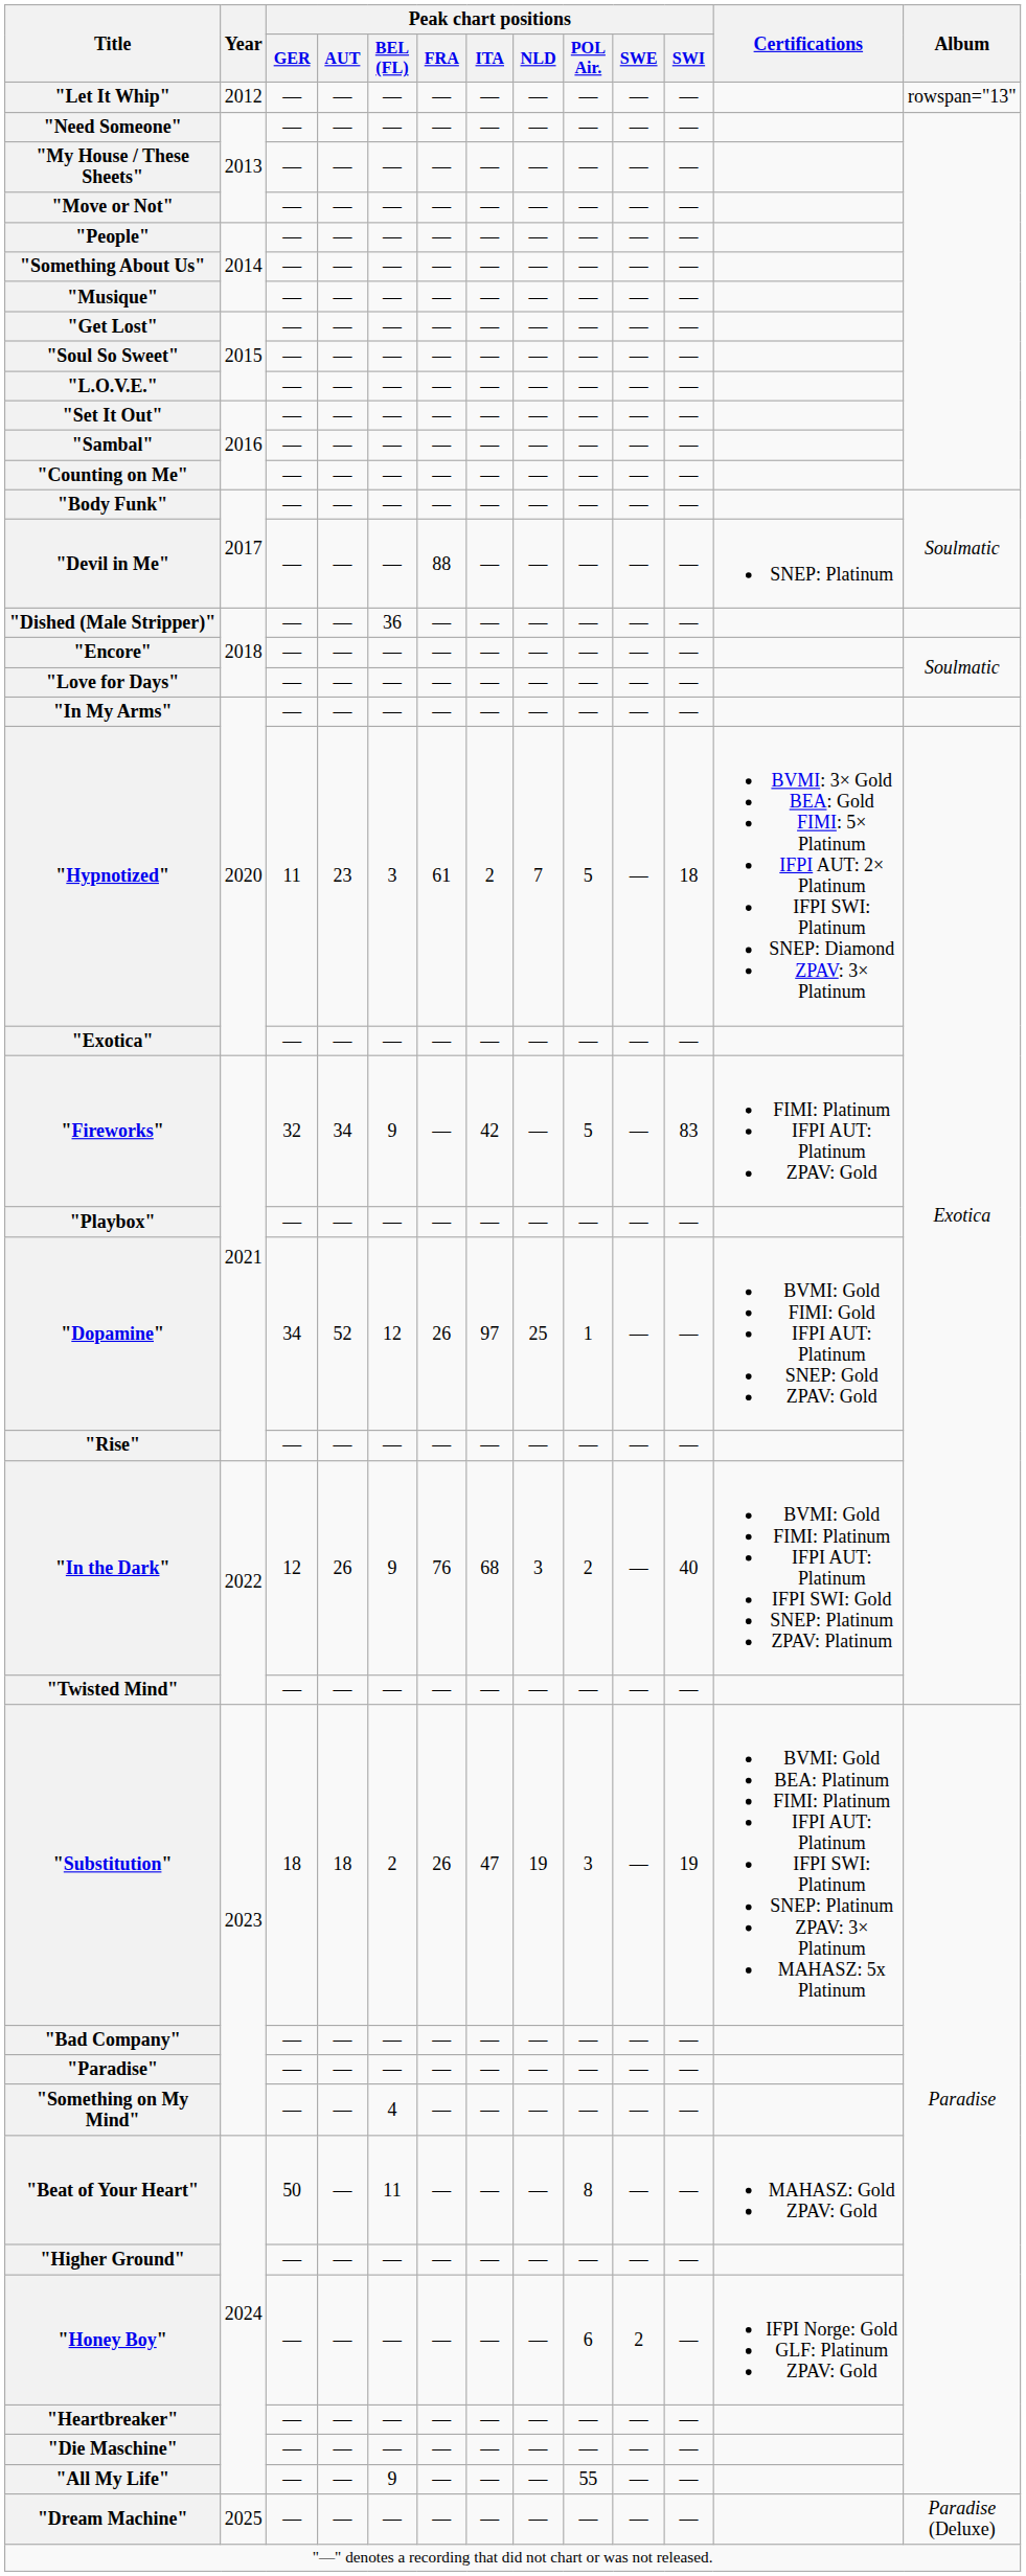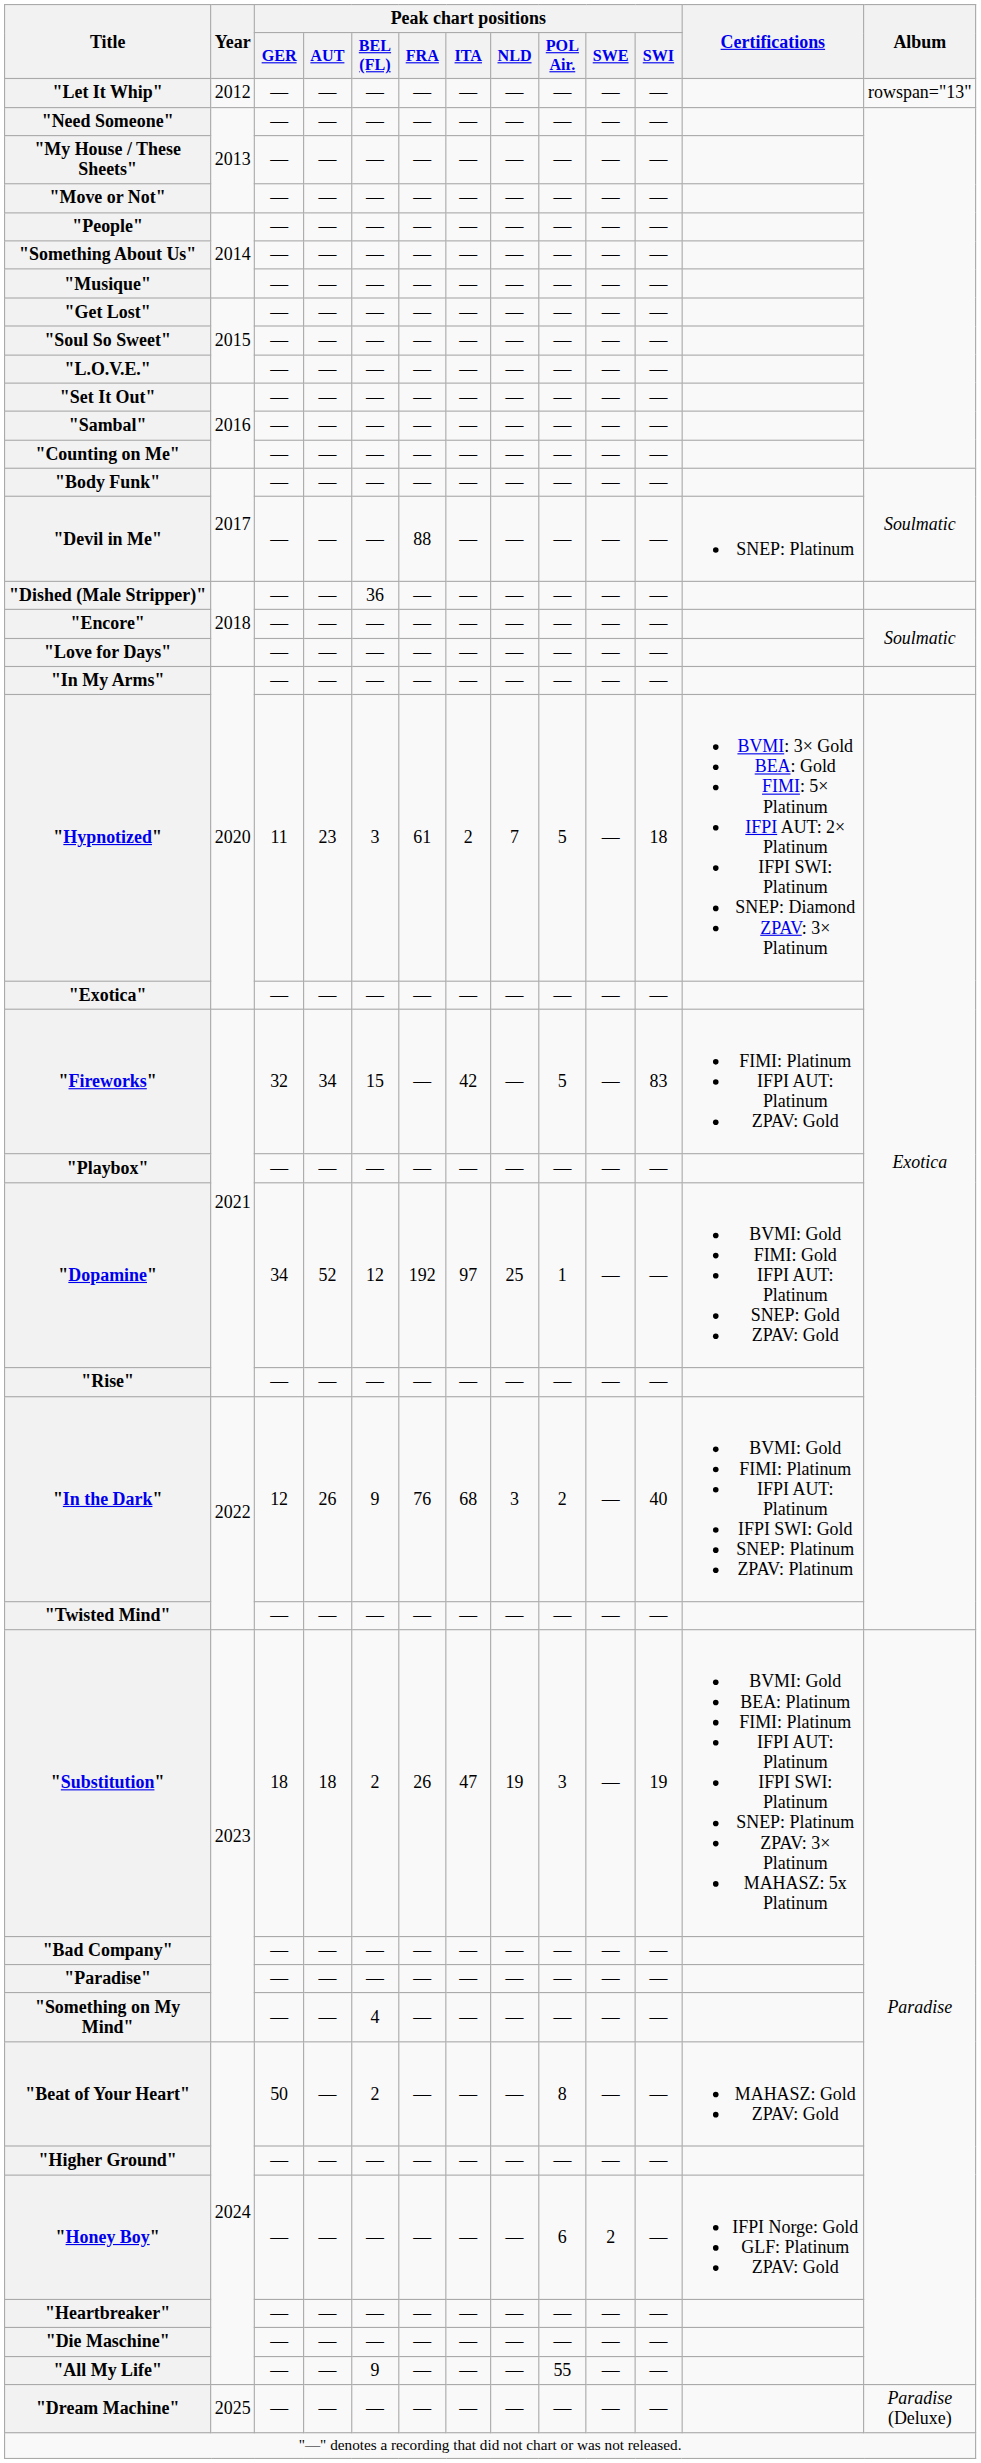 <table class="wikitable plainrowheaders" style="text-align:center;">
 <tr>
 <th scope="col" rowspan="2" style="width:16em;">Title</th>
 <th scope="col" rowspan="2">Year</th>
 <th scope="col" colspan="9">Peak chart positions</th>
 <th scope="col" rowspan="2" style="width:13em;"><a href='#'>Certifications</a></th>
 <th scope="col" rowspan="2">Album</th>
 </tr>
 <tr>
 <th scope="col" style="width:3em;font-size:90%;"><a href='#'>GER</a><br></th>
 <th scope="col" style="width:3em;font-size:90%;"><a href='#'>AUT</a><br></th>
 <th scope="col" style="width:3em;font-size:90%;"><a href='#'>BEL<br>(FL)</a><br></th>
 <th scope="col" style="width:3em;font-size:90%;"><a href='#'>FRA</a><br></th>
 <th scope="col" style="width:3em;font-size:90%;"><a href='#'>ITA</a><br></th>
 <th scope="col" style="width:3em;font-size:90%;"><a href='#'>NLD</a><br></th>
 <th scope="col" style="width:3em;font-size:90%;"><a href='#'>POL<br>Air.</a><br></th>
 <th scope="col" style="width:3em;font-size:90%;"><a href='#'>SWE</a><br></th>
 <th scope="col" style="width:3em;font-size:90%;"><a href='#'>SWI</a><br></th>
 </tr>
 <tr>
 <th scope="row">"Let It Whip"</th>
 <td>2012</td>
 <td>—</td>
 <td>—</td>
 <td>—</td>
 <td>—</td>
 <td>—</td>
 <td>—</td>
 <td>—</td>
 <td>—</td>
 <td>—</td>
 <td></td>
 <td>rowspan="13" </td>
 </tr>
 <tr>
 <th scope="row">"Need Someone"</th>
 <td rowspan="3">2013</td>
 <td>—</td>
 <td>—</td>
 <td>—</td>
 <td>—</td>
 <td>—</td>
 <td>—</td>
 <td>—</td>
 <td>—</td>
 <td>—</td>
 <td></td>
 </tr>
 <tr>
 <th scope="row">"My House / These Sheets"<br></th>
 <td>—</td>
 <td>—</td>
 <td>—</td>
 <td>—</td>
 <td>—</td>
 <td>—</td>
 <td>—</td>
 <td>—</td>
 <td>—</td>
 <td></td>
 </tr>
 <tr>
 <th scope="row">"Move or Not"</th>
 <td>—</td>
 <td>—</td>
 <td>—</td>
 <td>—</td>
 <td>—</td>
 <td>—</td>
 <td>—</td>
 <td>—</td>
 <td>—</td>
 <td></td>
 </tr>
 <tr>
 <th scope="row">"People" </th>
 <td rowspan="3">2014</td>
 <td>—</td>
 <td>—</td>
 <td>—</td>
 <td>—</td>
 <td>—</td>
 <td>—</td>
 <td>—</td>
 <td>—</td>
 <td>—</td>
 <td></td>
 </tr>
 <tr>
 <th scope="row">"Something About Us"</th>
 <td>—</td>
 <td>—</td>
 <td>—</td>
 <td>—</td>
 <td>—</td>
 <td>—</td>
 <td>—</td>
 <td>—</td>
 <td>—</td>
 <td></td>
 </tr>
 <tr>
 <th scope="row">"Musique"</th>
 <td>—</td>
 <td>—</td>
 <td>—</td>
 <td>—</td>
 <td>—</td>
 <td>—</td>
 <td>—</td>
 <td>—</td>
 <td>—</td>
 <td></td>
 </tr>
 <tr>
 <th scope="row">"Get Lost" </th>
 <td rowspan="3">2015</td>
 <td>—</td>
 <td>—</td>
 <td>—</td>
 <td>—</td>
 <td>—</td>
 <td>—</td>
 <td>—</td>
 <td>—</td>
 <td>—</td>
 <td></td>
 </tr>
 <tr>
 <th scope="row">"Soul So Sweet"<br></th>
 <td>—</td>
 <td>—</td>
 <td>—</td>
 <td>—</td>
 <td>—</td>
 <td>—</td>
 <td>—</td>
 <td>—</td>
 <td>—</td>
 <td></td>
 </tr>
 <tr>
 <th scope="row">"L.O.V.E."<br></th>
 <td>—</td>
 <td>—</td>
 <td>—</td>
 <td>—</td>
 <td>—</td>
 <td>—</td>
 <td>—</td>
 <td>—</td>
 <td>—</td>
 <td></td>
 </tr>
 <tr>
 <th scope="row">"Set It Out"<br></th>
 <td rowspan="3">2016</td>
 <td>—</td>
 <td>—</td>
 <td>—</td>
 <td>—</td>
 <td>—</td>
 <td>—</td>
 <td>—</td>
 <td>—</td>
 <td>—</td>
 <td></td>
 </tr>
 <tr>
 <th scope="row">"Sambal"</th>
 <td>—</td>
 <td>—</td>
 <td>—</td>
 <td>—</td>
 <td>—</td>
 <td>—</td>
 <td>—</td>
 <td>—</td>
 <td>—</td>
 <td></td>
 </tr>
 <tr>
 <th scope="row">"Counting on Me"<br></th>
 <td>—</td>
 <td>—</td>
 <td>—</td>
 <td>—</td>
 <td>—</td>
 <td>—</td>
 <td>—</td>
 <td>—</td>
 <td>—</td>
 <td></td>
 </tr>
 <tr>
 <th scope="row">"Body Funk"</th>
 <td rowspan="2">2017</td>
 <td>—</td>
 <td>—</td>
 <td>—</td>
 <td>—</td>
 <td>—</td>
 <td>—</td>
 <td>—</td>
 <td>—</td>
 <td>—</td>
 <td></td>
 <td rowspan="2"><em>Soulmatic</em></td>
 </tr>
 <tr>
 <th scope="row">"Devil in Me"<br></th>
 <td>—</td>
 <td>—</td>
 <td>—</td>
 <td>88</td>
 <td>—</td>
 <td>—</td>
 <td>—</td>
 <td>—</td>
 <td>—</td>
 <td><br><ul><li>SNEP: Platinum</li></ul></td>
 </tr>
 <tr>
 <th scope="row">"Dished (Male Stripper)"</th>
 <td rowspan="3">2018</td>
 <td>—</td>
 <td>—</td>
 <td>36</td>
 <td>—</td>
 <td>—</td>
 <td>—</td>
 <td>—</td>
 <td>—</td>
 <td>—</td>
 <td></td>
 <td></td>
 </tr>
 <tr>
 <th scope="row">"Encore" </th>
 <td>—</td>
 <td>—</td>
 <td>—</td>
 <td>—</td>
 <td>—</td>
 <td>—</td>
 <td>—</td>
 <td>—</td>
 <td>—</td>
 <td></td>
 <td rowspan="2"><em>Soulmatic</em></td>
 </tr>
 <tr>
 <th scope="row">"Love for Days"<br></th>
 <td>—</td>
 <td>—</td>
 <td>—</td>
 <td>—</td>
 <td>—</td>
 <td>—</td>
 <td>—</td>
 <td>—</td>
 <td>—</td>
 <td></td>
 </tr>
 <tr>
 <th scope="row">"In My Arms"</th>
 <td rowspan="3">2020</td>
 <td>—</td>
 <td>—</td>
 <td>—</td>
 <td>—</td>
 <td>—</td>
 <td>—</td>
 <td>—</td>
 <td>—</td>
 <td>—</td>
 <td></td>
 <td></td>
 </tr>
 <tr>
 <th scope="row">"<a href='#'>Hypnotized</a>"<br></th>
 <td>11</td>
 <td>23</td>
 <td>3</td>
 <td>61</td>
 <td>2</td>
 <td>7</td>
 <td>5</td>
 <td>—</td>
 <td>18</td>
 <td><br><ul><li><a href='#'>BVMI</a>: 3× Gold</li><li><a href='#'>BEA</a>: Gold</li><li><a href='#'>FIMI</a>: 5× Platinum</li><li><a href='#'>IFPI</a> AUT: 2× Platinum</li><li>IFPI SWI: Platinum</li><li>SNEP: Diamond</li><li><a href='#'>ZPAV</a>: 3× Platinum</li></ul></td>
 <td rowspan="8"><em>Exotica</em></td>
 </tr>
 <tr>
 <th scope="row">"Exotica"<br></th>
 <td>—</td>
 <td>—</td>
 <td>—</td>
 <td>—</td>
 <td>—</td>
 <td>—</td>
 <td>—</td>
 <td>—</td>
 <td>—</td>
 <td></td>
 </tr>
 <tr>
 <th scope="row">"<a href='#'>Fireworks</a>"<br></th>
 <td rowspan="4">2021</td>
 <td>32</td>
 <td>34</td>
-<td>9</td>
+<td>15</td>
 <td>—</td>
 <td>42</td>
 <td>—</td>
 <td>5</td>
 <td>—</td>
 <td>83</td>
 <td><br><ul><li>FIMI: Platinum</li><li>IFPI AUT: Platinum</li><li>ZPAV: Gold</li></ul></td>
 </tr>
 <tr>
 <th scope="row">"Playbox"</th>
 <td>—</td>
 <td>—</td>
 <td>—</td>
 <td>—</td>
 <td>—</td>
 <td>—</td>
 <td>—</td>
 <td>—</td>
 <td>—</td>
 <td></td>
 </tr>
 <tr>
 <th scope="row">"<a href='#'>Dopamine</a>"<br></th>
 <td>34</td>
 <td>52</td>
 <td>12</td>
-<td>26</td>
+<td>192</td>
 <td>97</td>
 <td>25</td>
 <td>1</td>
 <td>—</td>
 <td>—</td>
 <td><br><ul><li>BVMI: Gold</li><li>FIMI: Gold</li><li>IFPI AUT: Platinum</li><li>SNEP: Gold</li><li>ZPAV: Gold</li></ul></td>
 </tr>
 <tr>
 <th scope="row">"Rise" <br></th>
 <td>—</td>
 <td>—</td>
 <td>—</td>
 <td>—</td>
 <td>—</td>
 <td>—</td>
 <td>—</td>
 <td>—</td>
 <td>—</td>
 <td></td>
 </tr>
 <tr>
 <th scope="row">"<a href='#'>In the Dark</a>"<br></th>
 <td rowspan="2">2022</td>
 <td>12</td>
 <td>26</td>
 <td>9</td>
 <td>76</td>
 <td>68</td>
 <td>3</td>
 <td>2</td>
 <td>—</td>
 <td>40</td>
 <td><br><ul><li>BVMI: Gold</li><li>FIMI: Platinum</li><li>IFPI AUT: Platinum</li><li>IFPI SWI: Gold</li><li>SNEP: Platinum</li><li>ZPAV: Platinum</li></ul></td>
 </tr>
 <tr>
 <th scope="row">"Twisted Mind"<br></th>
 <td>—</td>
 <td>—</td>
 <td>—</td>
 <td>—</td>
 <td>—</td>
 <td>—</td>
 <td>—</td>
 <td>—</td>
 <td>—</td>
 <td></td>
 </tr>
 <tr>
 <th scope="row">"<a href='#'>Substitution</a>"<br></th>
 <td rowspan="4">2023</td>
 <td>18</td>
 <td>18</td>
 <td>2</td>
 <td>26</td>
 <td>47<br></td>
 <td>19</td>
 <td>3</td>
 <td>—</td>
 <td>19</td>
 <td><br><ul><li>BVMI: Gold</li><li>BEA: Platinum</li><li>FIMI: Platinum</li><li>IFPI AUT: Platinum</li><li>IFPI SWI: Platinum</li><li>SNEP: Platinum</li><li>ZPAV: 3× Platinum</li><li>MAHASZ: 5x Platinum</li></ul></td>
 <td rowspan="10"><em>Paradise</em></td>
 </tr>
 <tr>
 <th scope="row">"Bad Company"</th>
 <td>—</td>
 <td>—</td>
 <td>—</td>
 <td>—</td>
 <td>—</td>
 <td>—</td>
 <td>—</td>
 <td>—</td>
 <td>—</td>
 <td></td>
 </tr>
 <tr>
 <th scope="row">"Paradise"<br></th>
 <td>—</td>
 <td>—</td>
 <td>—</td>
 <td>—</td>
 <td>—</td>
 <td>—</td>
 <td>—</td>
 <td>—</td>
 <td>—</td>
 <td></td>
 </tr>
 <tr>
 <th scope="row">"Something on My Mind"<br></th>
 <td>—</td>
 <td>—</td>
 <td>4</td>
 <td>—</td>
 <td>—</td>
 <td>―</td>
 <td>—</td>
 <td>—</td>
 <td>—</td>
 <td></td>
 </tr>
 <tr>
 <th scope="row">"Beat of Your Heart"<br></th>
 <td rowspan="6">2024</td>
 <td>50</td>
 <td>—</td>
-<td>11</td>
+<td>2</td>
 <td>—</td>
 <td>—</td>
 <td>—</td>
 <td>8</td>
 <td>—</td>
 <td>—</td>
 <td><br><ul><li>MAHASZ: Gold</li><li>ZPAV: Gold</li></ul></td>
 </tr>
 <tr>
 <th scope="row">"Higher Ground"<br></th>
 <td>—</td>
 <td>—</td>
 <td>—</td>
 <td>—</td>
 <td>—</td>
 <td>—</td>
 <td>—</td>
 <td>—</td>
 <td>—</td>
 <td></td>
 </tr>
 <tr>
 <th scope="row">"<a href='#'>Honey Boy</a>"<br></th>
 <td>—</td>
 <td>—</td>
 <td>—</td>
 <td>—</td>
 <td>—</td>
 <td>—</td>
 <td>6</td>
 <td>2</td>
 <td>—</td>
 <td><br><ul><li>IFPI Norge: Gold</li><li>GLF: Platinum</li><li>ZPAV: Gold</li></ul></td>
 </tr>
 <tr>
 <th scope="row">"Heartbreaker"<br></th>
 <td>—</td>
 <td>—</td>
 <td>—</td>
 <td>—</td>
 <td>—</td>
 <td>—</td>
 <td>—</td>
 <td>—</td>
 <td>—</td>
 <td></td>
 </tr>
 <tr>
 <th scope="row">"Die Maschine"<br></th>
 <td>—</td>
 <td>—</td>
 <td>—</td>
 <td>—</td>
 <td>—</td>
 <td>—</td>
 <td>—</td>
 <td>—</td>
 <td>—</td>
 <td></td>
 </tr>
 <tr>
 <th scope="row">"All My Life"<br></th>
 <td>—</td>
 <td>—</td>
 <td>9</td>
 <td>—</td>
 <td>—</td>
 <td>—</td>
 <td>55</td>
 <td>—</td>
 <td>—</td>
 <td></td>
 </tr>
 <tr>
 <th scope="row">"Dream Machine"<br></th>
 <td>2025</td>
 <td>—</td>
 <td>—</td>
 <td>—</td>
 <td>—</td>
 <td>—</td>
 <td>—</td>
 <td>—</td>
 <td>—</td>
 <td>—</td>
 <td></td>
 <td><em>Paradise</em> (Deluxe)</td>
 </tr>
 <tr>
 <td colspan="13" style="font-size:85%">"—" denotes a recording that did not chart or was not released.</td>
 </tr>
 </table>
